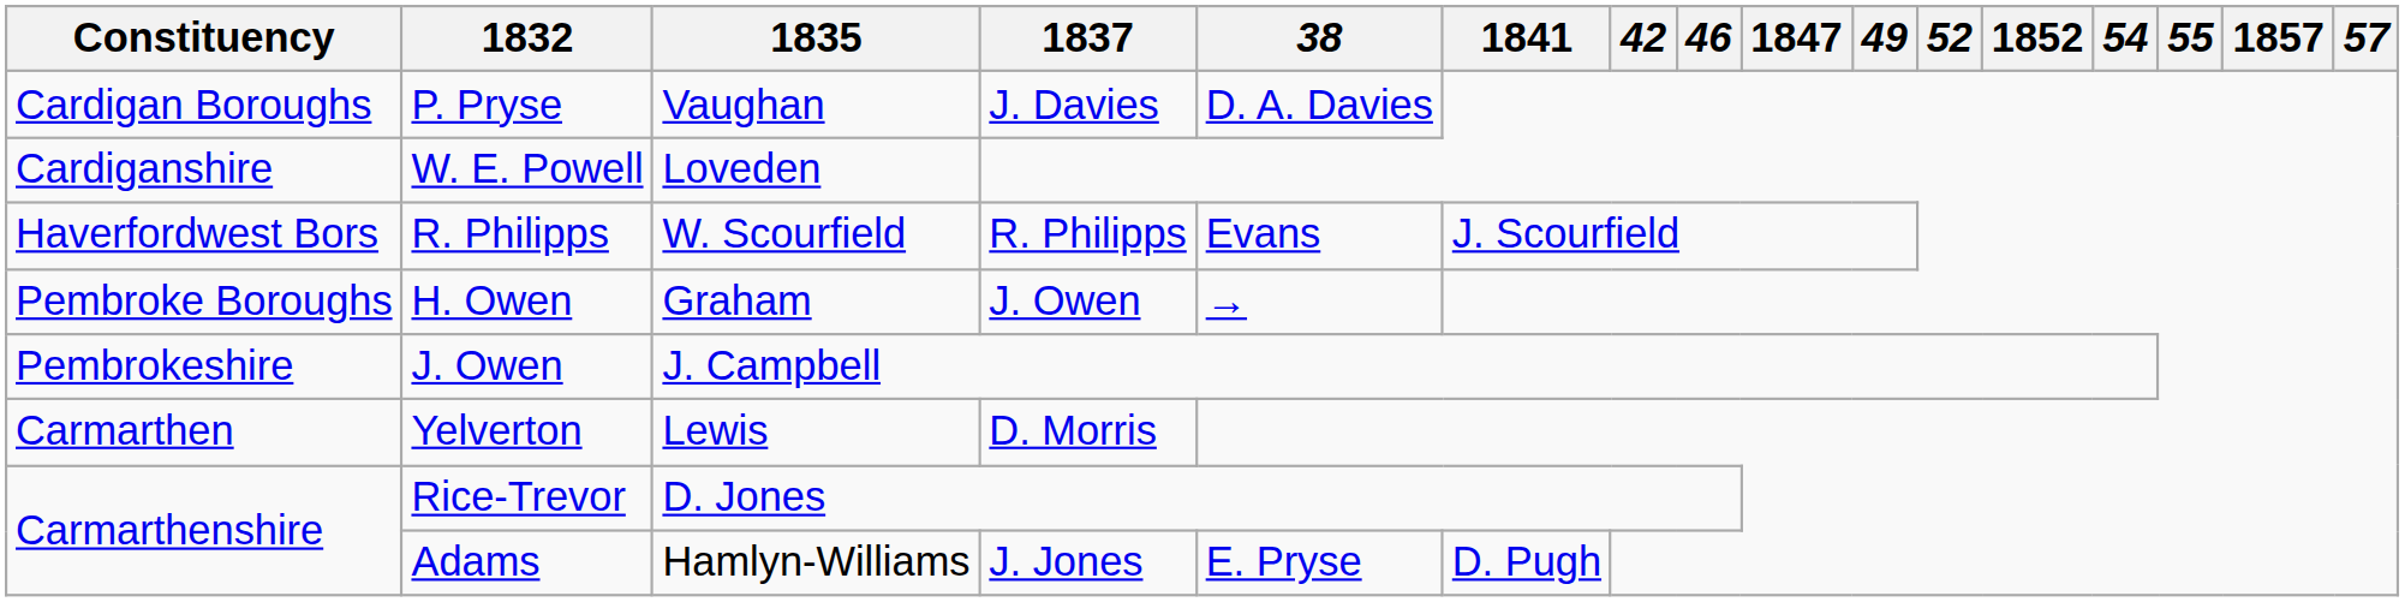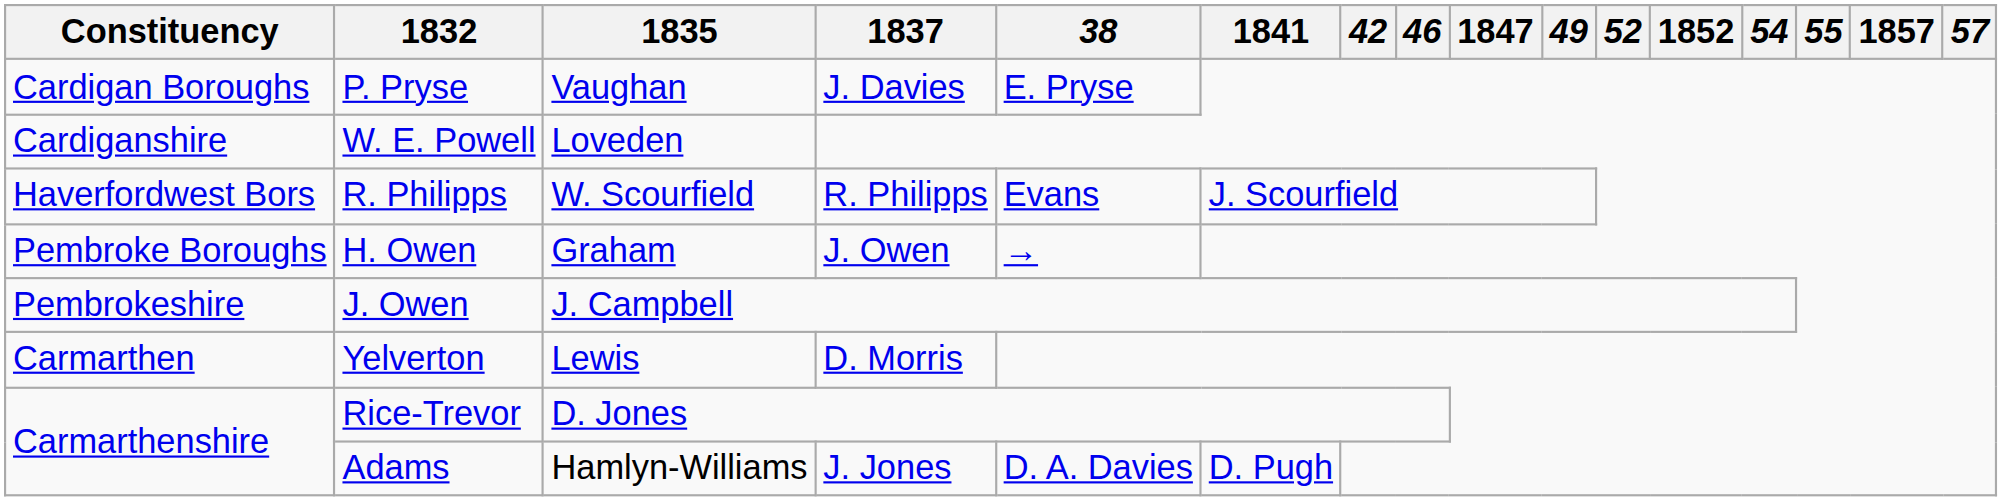 <table class="wikitable">
 <tr>
 <th>Constituency</th>
 <th>1832</th>
 <th>1835</th>
 <th>1837</th>
 <th><em>38</em></th>
 <th>1841</th>
 <th><em>42</em></th>
 <th><em>46</em></th>
 <th>1847</th>
 <th><em>49</em></th>
 <th><em>52</em></th>
 <th>1852</th>
 <th><em>54</em></th>
 <th><em>55</em></th>
 <th>1857</th>
 <th><em>57</em></th>
 </tr>
 <tr>
 <td><a href='#'>Cardigan Boroughs</a></td>
 <td><a href='#'>P. Pryse</a></td>
 <td><a href='#'>Vaughan</a></td>
 <td><a href='#'>J. Davies</a></td>
-<td><a href='#'>D. A. Davies</a></td>
+<td><a href='#'>E. Pryse</a></td>
 </tr>
 <tr>
 <td><a href='#'>Cardiganshire</a></td>
 <td><a href='#'>W. E. Powell</a></td>
 <td><a href='#'>Loveden</a></td>
 </tr>
 <tr>
 <td><a href='#'>Haverfordwest Bors</a></td>
 <td><a href='#'>R. Philipps</a></td>
 <td><a href='#'>W. Scourfield</a></td>
 <td><a href='#'>R. Philipps</a></td>
 <td><a href='#'>Evans</a></td>
 <td colspan="5"><a href='#'>J. Scourfield</a></td>
 </tr>
 <tr>
 <td><a href='#'>Pembroke Boroughs</a></td>
 <td><a href='#'>H. Owen</a></td>
 <td><a href='#'>Graham</a></td>
 <td><a href='#'>J. Owen</a></td>
 <td><a href='#'>→</a></td>
 </tr>
 <tr>
 <td><a href='#'>Pembrokeshire</a></td>
 <td><a href='#'>J. Owen</a></td>
 <td colspan="11"><a href='#'>J. Campbell</a></td>
 </tr>
 <tr>
 <td><a href='#'>Carmarthen</a></td>
 <td><a href='#'>Yelverton</a></td>
 <td><a href='#'>Lewis</a></td>
 <td><a href='#'>D. Morris</a></td>
 </tr>
 <tr>
 <td rowspan="2"><a href='#'>Carmarthenshire</a></td>
 <td><a href='#'>Rice-Trevor</a></td>
 <td colspan="6"><a href='#'>D. Jones</a></td>
 </tr>
 <tr>
 <td><a href='#'>Adams</a></td>
 <td>Hamlyn-Williams</td>
 <td><a href='#'>J. Jones</a></td>
-<td><a href='#'>E. Pryse</a></td>
+<td><a href='#'>D. A. Davies</a></td>
 <td><a href='#'>D. Pugh</a></td>
 </tr>
 </table>
